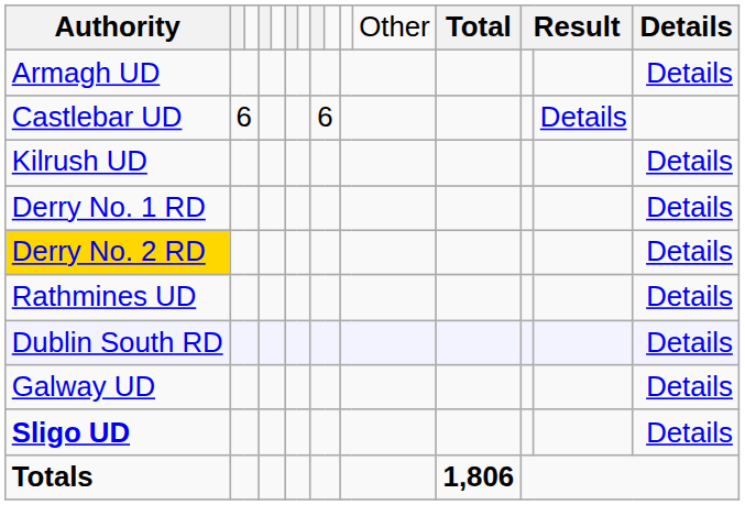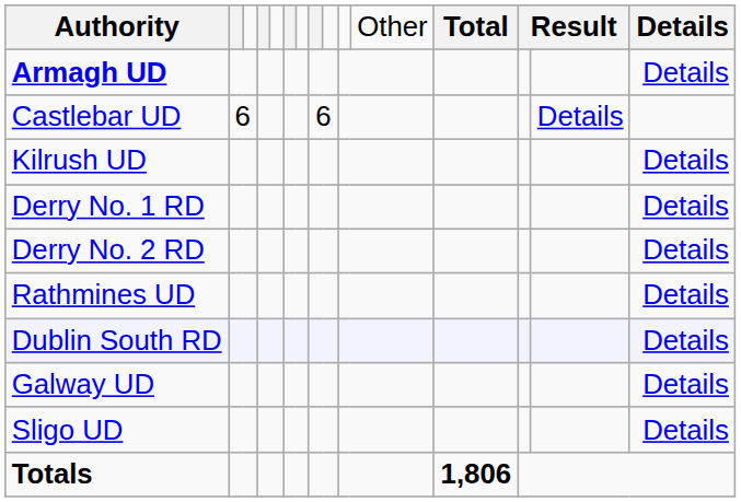 <table class="wikitable" style="text-align:right; padding-left:1em">
 <tr>
 <th align="left">Authority</th>
 <th style="background-color: "></th>
 <td><a href='#'></a></td>
 <th style="background-color: "></th>
 <td><a href='#'></a></td>
 <th style="background-color: "></th>
 <td><a href='#'></a></td>
 <th style="background-color: "></th>
 <td><a href='#'></a></td>
 <td></td>
 <td>Other</td>
 <th align="left">Total</th>
 <th colspan=2>Result</th>
 <th>Details</th>
 </tr>
 <tr>
-<td align=left><a href='#'>Armagh UD</a></td>
+<td align=left><strong><a href='#'>Armagh UD</a></strong></td>
 <td colspan=2></td>
 <td colspan=2></td>
 <td colspan=2></td>
 <td colspan=2></td>
 <td colspan=2></td>
 <td></td>
 <td></td>
 <td></td>
 <td><a href='#'>Details</a></td>
 </tr>
 <tr>
 <td align=left><a href='#'>Castlebar UD</a></td>
 <td colspan=2>6</td>
 <td colspan=2></td>
 <td colspan=2></td>
 <td colspan=2>6</td>
 <td colspan=2></td>
 <td></td>
 <td></td>
 <td><a href='#'>Details</a></td>
 </tr>
 <tr>
 <td align=left><a href='#'>Kilrush UD</a></td>
 <td colspan=2></td>
 <td colspan=2></td>
 <td colspan=2></td>
 <td colspan=2></td>
 <td colspan=2></td>
 <td></td>
 <td></td>
 <td></td>
 <td><a href='#'>Details</a></td>
 </tr>
 <tr>
 <td align=left><a href='#'>Derry No. 1 RD</a></td>
 <td colspan=2></td>
 <td colspan=2></td>
 <td colspan=2></td>
 <td colspan=2></td>
 <td colspan=2></td>
 <td></td>
 <td></td>
 <td></td>
 <td><a href='#'>Details</a></td>
 </tr>
 <tr>
-<td align=left style="background: gold;"><a href='#'>Derry No. 2 RD</a></td>
+<td align=left><a href='#'>Derry No. 2 RD</a></td>
 <td colspan=2></td>
 <td colspan=2></td>
 <td colspan=2></td>
 <td colspan=2></td>
 <td colspan=2></td>
 <td></td>
 <td></td>
 <td></td>
 <td><a href='#'>Details</a></td>
 </tr>
 <tr>
 <td align=left><a href='#'>Rathmines UD</a></td>
 <td colspan=2></td>
 <td colspan=2></td>
 <td colspan=2></td>
 <td colspan=2></td>
 <td colspan=2></td>
 <td></td>
 <td></td>
 <td></td>
 <td><a href='#'>Details</a></td>
 </tr>
 <tr bgcolor=F3F3FF>
 <td align=left><a href='#'>Dublin South RD</a></td>
 <td colspan=2></td>
 <td colspan=2></td>
 <td colspan=2></td>
 <td colspan=2></td>
 <td colspan=2></td>
 <td></td>
 <td></td>
 <td></td>
 <td><a href='#'>Details</a></td>
 </tr>
 <tr>
 <td align=left><a href='#'>Galway UD</a></td>
 <td colspan=2></td>
 <td colspan=2></td>
 <td colspan=2></td>
 <td colspan=2></td>
 <td colspan=2></td>
 <td></td>
 <td></td>
 <td></td>
 <td><a href='#'>Details</a></td>
 </tr>
 <tr>
-<td align=left><strong><a href='#'>Sligo UD</a></strong></td>
+<td align=left><a href='#'>Sligo UD</a></td>
 <td colspan=2></td>
 <td colspan=2></td>
 <td colspan=2></td>
 <td colspan=2></td>
 <td colspan=2></td>
 <td></td>
 <td></td>
 <td></td>
 <td><a href='#'>Details</a></td>
 </tr>
 <tr>
 <td align=left><strong>Totals</strong></td>
 <td colspan=2></td>
 <td colspan=2></td>
 <td colspan=2></td>
 <td colspan=2></td>
 <td colspan=2></td>
 <td><strong>1,806</strong></td>
 </tr>
 </table>
